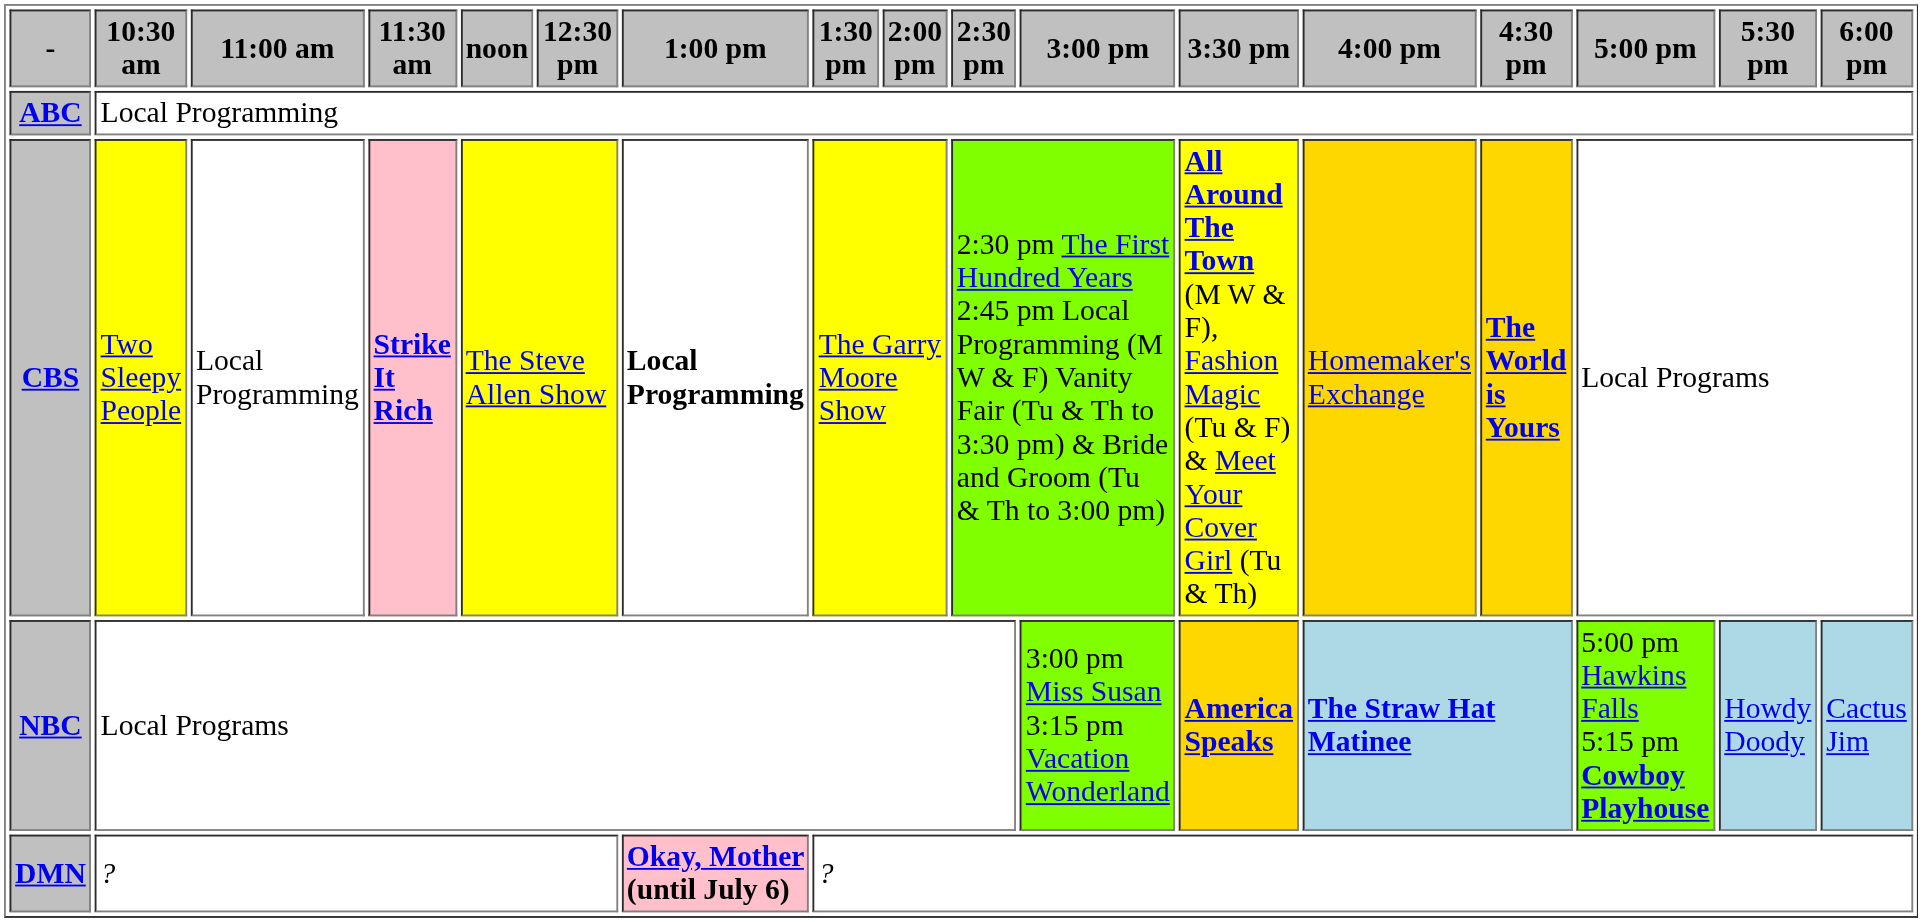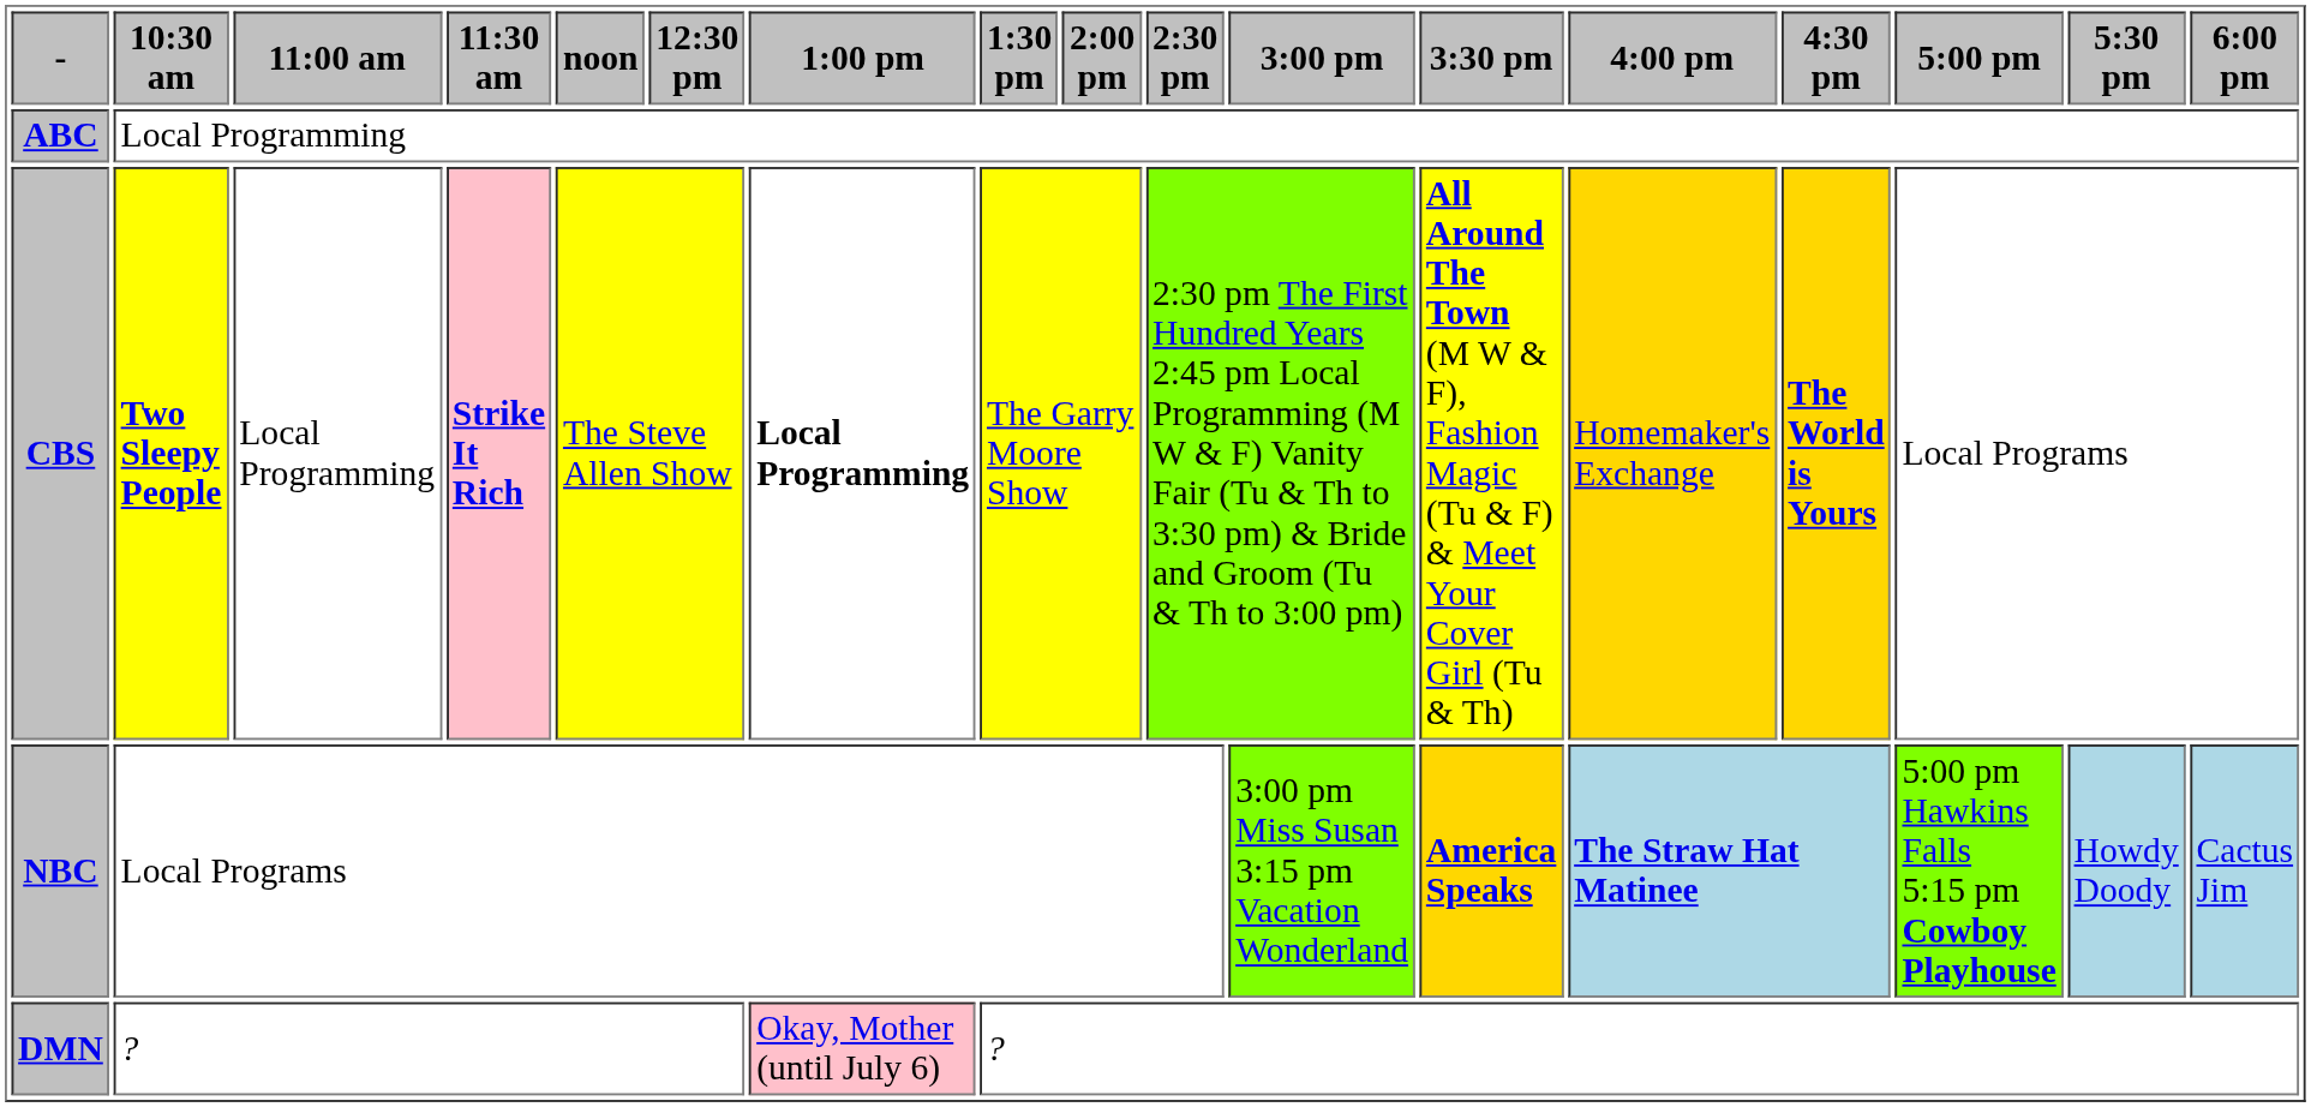 <table border="1" cellpadding="2">
 <tr>
 <th bgcolor="#C0C0C0">-</th>
 <th width="13%" bgcolor="#C0C0C0">10:30 am</th>
 <th width="12%" bgcolor="#C0C0C0">11:00 am</th>
 <th width="13%" bgcolor="#C0C0C0">11:30 am</th>
 <th width="12%" bgcolor="#C0C0C0">noon</th>
 <th width="13%" bgcolor="#C0C0C0">12:30 pm</th>
 <th width="12%" bgcolor="#C0C0C0">1:00 pm</th>
 <th width="13%" bgcolor="#C0C0C0">1:30 pm</th>
 <th width="12%" bgcolor="#C0C0C0">2:00 pm</th>
 <th width="13%" bgcolor="#C0C0C0">2:30 pm</th>
 <th width="12%" bgcolor="#C0C0C0">3:00 pm</th>
 <th width="13%" bgcolor="#C0C0C0">3:30 pm</th>
 <th width="12%" bgcolor="#C0C0C0">4:00 pm</th>
 <th width="13%" bgcolor="#C0C0C0">4:30 pm</th>
 <th width="12%" bgcolor="#C0C0C0">5:00 pm</th>
 <th width="13%" bgcolor="#C0C0C0">5:30 pm</th>
 <th width="12%" bgcolor="#C0C0C0">6:00 pm</th>
 </tr>
 <tr>
 <th bgcolor="#C0C0C0"><a href='#'>ABC</a></th>
 <td bgcolor="white" colspan="16">Local Programming</td>
 </tr>
 <tr>
 <th bgcolor="#C0C0C0"><a href='#'>CBS</a></th>
-<td bgcolor="yellow"><a href='#'>Two Sleepy People</a></td>
+<td bgcolor="yellow"><strong><a href='#'>Two Sleepy People</a></strong></td>
 <td bgcolor="white" colspan=>Local Programming</td>
 <td bgcolor="pink"><strong><a href='#'>Strike It Rich</a></strong></td>
 <td bgcolor="yellow" colspan="2"><a href='#'>The Steve Allen Show</a></td>
 <td bgcolor="white"><strong>Local Programming</strong></td>
 <td bgcolor="yellow" colspan="2"><a href='#'>The Garry Moore Show</a></td>
 <td bgcolor="chartreuse" colspan="2">2:30 pm <a href='#'>The First Hundred Years</a> 2:45 pm Local Programming (M W & F) Vanity Fair (Tu & Th to 3:30 pm) & Bride and Groom (Tu & Th to 3:00 pm)</td>
 <td bgcolor="yellow"><strong><a href='#'>All Around The Town</a></strong> (M W & F), <a href='#'>Fashion Magic</a> (Tu & F) & <a href='#'>Meet Your Cover Girl</a> (Tu & Th)</td>
 <td bgcolor="gold"><a href='#'>Homemaker's Exchange</a></td>
 <td bgcolor="gold"><strong><a href='#'>The World is Yours</a></strong></td>
 <td bgcolor="white" colspan="3">Local Programs</td>
 </tr>
 <tr>
 <th bgcolor="#C0C0C0"><a href='#'>NBC</a></th>
 <td bgcolor="white" colspan="9">Local Programs</td>
 <td bgcolor="chartreuse">3:00 pm <a href='#'>Miss Susan</a><br>3:15 pm <a href='#'>Vacation Wonderland</a></td>
 <td bgcolor="gold"><strong><a href='#'>America Speaks</a></strong></td>
 <td bgcolor="lightblue" colspan="2"><strong><a href='#'>The Straw Hat Matinee</a></strong></td>
 <td bgcolor="chartreuse">5:00 pm <a href='#'>Hawkins Falls</a><br>5:15 pm <strong><a href='#'>Cowboy Playhouse</a></strong></td>
 <td bgcolor="lightblue"><a href='#'>Howdy Doody</a></td>
 <td bgcolor="lightblue"><a href='#'>Cactus Jim</a></td>
 </tr>
 <tr>
 <th bgcolor="#C0C0C0"><a href='#'>DMN</a></th>
 <td bgcolor="white" colspan="5"><em>?</em></td>
-<td bgcolor="pink"><strong><a href='#'>Okay, Mother</a> (until July 6)</strong></td>
+<td bgcolor="pink"><a href='#'>Okay, Mother</a> (until July 6)</td>
 <td bgcolor="white" colspan="10"><em>?</em></td>
 </tr>
 </table>
